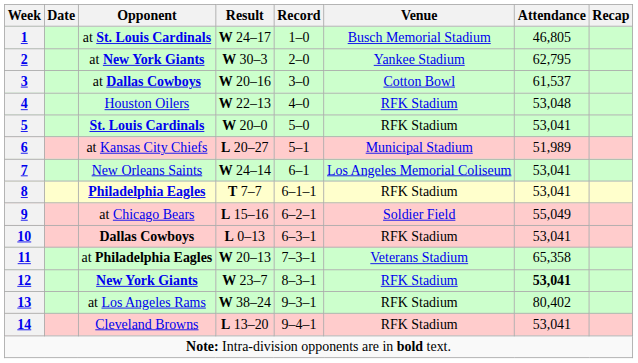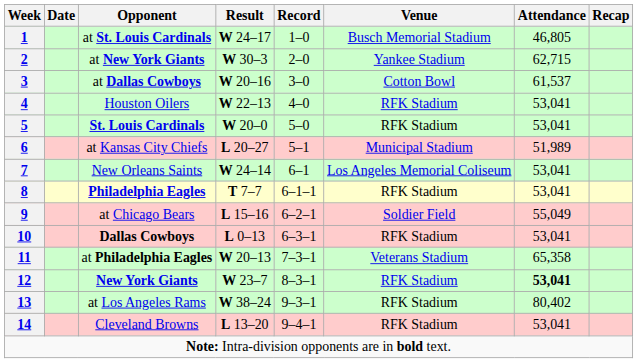 <table class="wikitable" style="text-align:center">
 <tr>
 <th>Week</th>
 <th>Date</th>
 <th>Opponent</th>
 <th>Result</th>
 <th>Record</th>
 <th>Venue</th>
 <th>Attendance</th>
 <th>Recap</th>
 </tr>
 <tr style="background:#cfc">
 <th><a href='#'>1</a></th>
 <td></td>
 <td>at <strong><a href='#'>St. Louis Cardinals</a></strong></td>
 <td><strong>W</strong> 24–17</td>
 <td>1–0</td>
 <td><a href='#'>Busch Memorial Stadium</a></td>
 <td>46,805</td>
 <td></td>
 </tr>
 <tr style="background:#cfc">
 <th><a href='#'>2</a></th>
 <td></td>
 <td>at <strong><a href='#'>New York Giants</a></strong></td>
 <td><strong>W</strong> 30–3</td>
 <td>2–0</td>
 <td><a href='#'>Yankee Stadium</a></td>
-<td>62,795</td>
+<td>62,715</td>
 <td></td>
 </tr>
 <tr style="background:#cfc">
 <th><a href='#'>3</a></th>
 <td></td>
 <td>at <strong><a href='#'>Dallas Cowboys</a></strong></td>
 <td><strong>W</strong> 20–16</td>
 <td>3–0</td>
 <td><a href='#'>Cotton Bowl</a></td>
 <td>61,537</td>
 <td></td>
 </tr>
 <tr style="background:#cfc">
 <th><a href='#'>4</a></th>
 <td></td>
 <td><a href='#'>Houston Oilers</a></td>
 <td><strong>W</strong> 22–13</td>
 <td>4–0</td>
 <td><a href='#'>RFK Stadium</a></td>
-<td>53,048</td>
+<td>53,041</td>
 <td></td>
 </tr>
 <tr style="background:#cfc">
 <th><a href='#'>5</a></th>
 <td></td>
 <td><strong><a href='#'>St. Louis Cardinals</a></strong></td>
 <td><strong>W</strong> 20–0</td>
 <td>5–0</td>
 <td>RFK Stadium</td>
 <td>53,041</td>
 <td></td>
 </tr>
 <tr style="background:#fcc">
 <th><a href='#'>6</a></th>
 <td></td>
 <td>at <a href='#'>Kansas City Chiefs</a></td>
 <td><strong>L</strong> 20–27</td>
 <td>5–1</td>
 <td><a href='#'>Municipal Stadium</a></td>
 <td>51,989</td>
 <td></td>
 </tr>
 <tr style="background:#cfc">
 <th><a href='#'>7</a></th>
 <td></td>
 <td><a href='#'>New Orleans Saints</a></td>
 <td><strong>W</strong> 24–14</td>
 <td>6–1</td>
 <td><a href='#'>Los Angeles Memorial Coliseum</a></td>
 <td>53,041</td>
 <td></td>
 </tr>
 <tr style="background:#ffc">
 <th><a href='#'>8</a></th>
 <td></td>
 <td><strong><a href='#'>Philadelphia Eagles</a></strong></td>
 <td><strong>T</strong> 7–7</td>
 <td>6–1–1</td>
 <td>RFK Stadium</td>
 <td>53,041</td>
 <td></td>
 </tr>
 <tr style="background:#fcc">
 <th><a href='#'>9</a></th>
 <td></td>
 <td>at <a href='#'>Chicago Bears</a></td>
 <td><strong>L</strong> 15–16</td>
 <td>6–2–1</td>
 <td><a href='#'>Soldier Field</a></td>
 <td>55,049</td>
 <td></td>
 </tr>
 <tr style="background:#fcc">
 <th><a href='#'>10</a></th>
 <td></td>
 <td><strong>Dallas Cowboys</strong></td>
 <td><strong>L</strong> 0–13</td>
 <td>6–3–1</td>
 <td>RFK Stadium</td>
 <td>53,041</td>
 <td></td>
 </tr>
 <tr style="background:#cfc">
 <th><a href='#'>11</a></th>
 <td></td>
 <td>at <strong>Philadelphia Eagles</strong></td>
 <td><strong>W</strong> 20–13</td>
 <td>7–3–1</td>
 <td><a href='#'>Veterans Stadium</a></td>
 <td>65,358</td>
 <td></td>
 </tr>
 <tr style="background:#cfc">
 <th><a href='#'>12</a></th>
 <td></td>
 <td><strong><a href='#'>New York Giants</a></strong></td>
 <td><strong>W</strong> 23–7</td>
 <td>8–3–1</td>
 <td><a href='#'>RFK Stadium</a></td>
 <td><strong>53,041</strong></td>
 <td></td>
 </tr>
 <tr style="background:#cfc">
 <th><a href='#'>13</a></th>
 <td></td>
 <td>at <a href='#'>Los Angeles Rams</a></td>
 <td><strong>W</strong> 38–24</td>
 <td>9–3–1</td>
 <td>RFK Stadium</td>
 <td>80,402</td>
 <td></td>
 </tr>
 <tr style="background:#fcc">
 <th><a href='#'>14</a></th>
 <td></td>
 <td><a href='#'>Cleveland Browns</a></td>
 <td><strong>L</strong> 13–20</td>
 <td>9–4–1</td>
 <td>RFK Stadium</td>
 <td>53,041</td>
 <td></td>
 </tr>
 <tr>
 <td colspan="10"><strong>Note:</strong> Intra-division opponents are in <strong>bold</strong> text.</td>
 </tr>
 </table>
